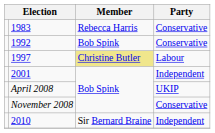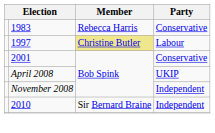 <table class="wikitable">
 <tr>
 <th colspan="2">Election</th>
 <th>Member</th>
 <th>Party</th>
 </tr>
 <tr>
 <td style="color:inherit;background-color: "></td>
 <td><a href='#'>1983</a></td>
 <td rowspan="1"><a href='#'>Rebecca Harris</a></td>
 <td><a href='#'>Conservative</a></td>
 </tr>
 <tr>
 <td style="color:inherit;background-color: "></td>
-<td><a href='#'>1992</a></td>
-<td><a href='#'>Bob Spink</a></td>
-<td><a href='#'>Conservative</a></td>
-</tr>
-<tr>
-<td style="color:inherit;background-color: "></td>
 <td><a href='#'>1997</a></td>
 <td style="background: khaki;"><a href='#'>Christine Butler</a></td>
 <td><a href='#'>Labour</a></td>
 </tr>
 <tr>
 <td style="color:inherit;background-color: "></td>
 <td><a href='#'>2001</a></td>
 <td rowspan="3"><a href='#'>Bob Spink</a></td>
-<td><a href='#'>Independent</a></td>
+<td><a href='#'>Conservative</a></td>
 </tr>
 <tr>
 <td style="color:inherit;background-color: "></td>
 <td><em>April 2008 </em></td>
 <td><a href='#'>UKIP</a></td>
 </tr>
 <tr>
 <td style="color:inherit;background-color: "></td>
 <td><em>November 2008</em></td>
-<td><a href='#'>Conservative</a></td>
+<td><a href='#'>Independent</a></td>
 </tr>
 <tr>
 <td style="color:inherit;background-color: "></td>
 <td><a href='#'>2010</a></td>
 <td>Sir <a href='#'>Bernard Braine</a></td>
 <td><a href='#'>Independent</a></td>
 </tr>
 <tr>
 </tr>
 </table>
